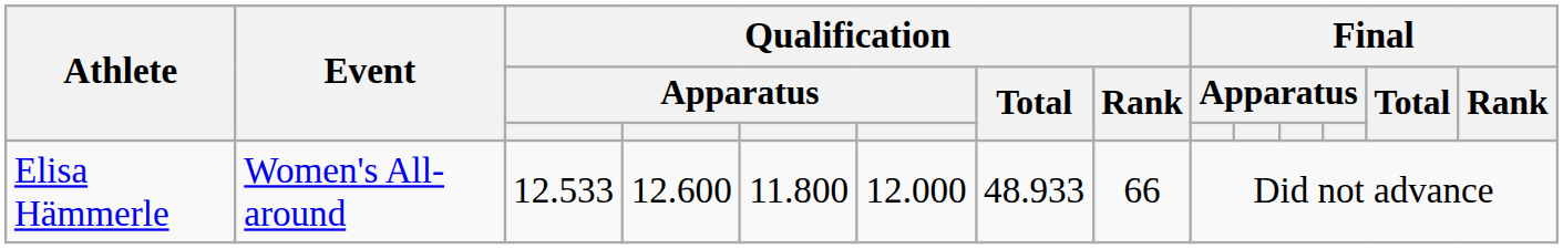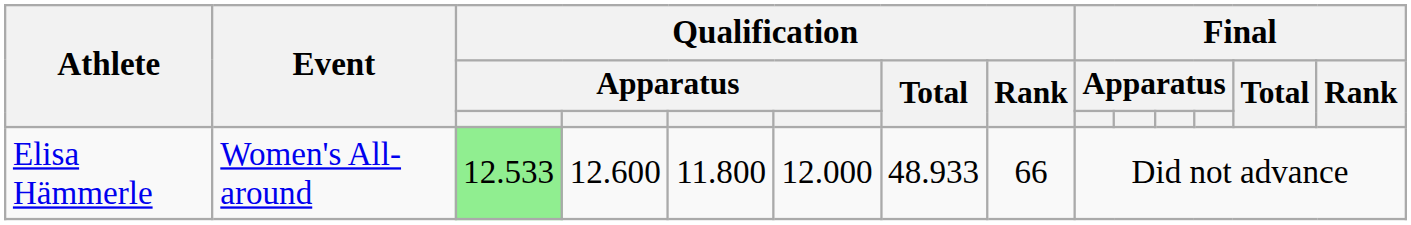 <table class="wikitable" style="font-size:90%">
 <tr>
 <th rowspan=3>Athlete</th>
 <th rowspan=3>Event</th>
 <th colspan=6>Qualification</th>
 <th colspan=6>Final</th>
 </tr>
 <tr style="font-size:95%">
 <th colspan=4>Apparatus</th>
 <th rowspan=2>Total</th>
 <th rowspan=2>Rank</th>
 <th colspan=4>Apparatus</th>
 <th rowspan=2>Total</th>
 <th rowspan=2>Rank</th>
 </tr>
 <tr style="font-size:95%">
 <th></th>
 <th></th>
 <th></th>
 <th></th>
 <th></th>
 <th></th>
 <th></th>
 <th></th>
 </tr>
 <tr align=center>
 <td align=left><a href='#'>Elisa Hämmerle</a></td>
 <td align=left><a href='#'>Women's All-around</a></td>
-<td>12.533</td>
+<td style="background: lightgreen;">12.533</td>
 <td>12.600</td>
 <td>11.800</td>
 <td>12.000</td>
 <td>48.933</td>
 <td>66</td>
 <td colspan=6>Did not advance</td>
 </tr>
 </table>
